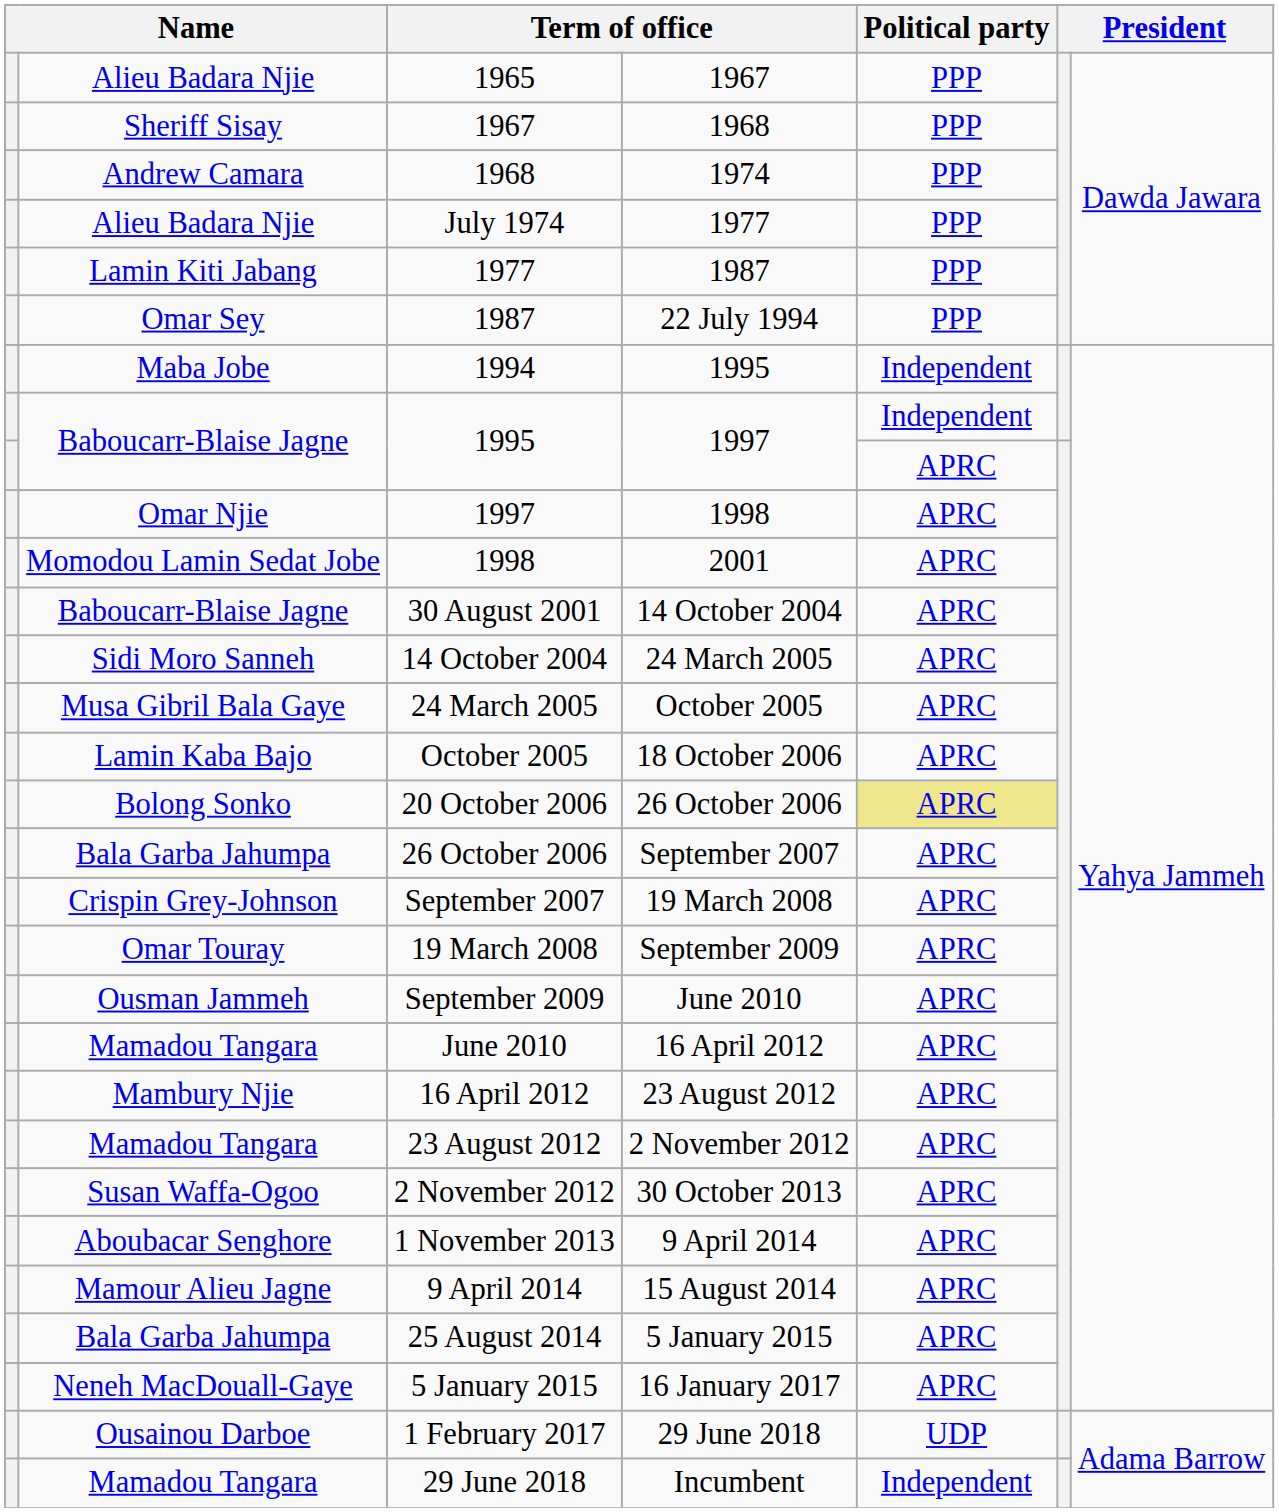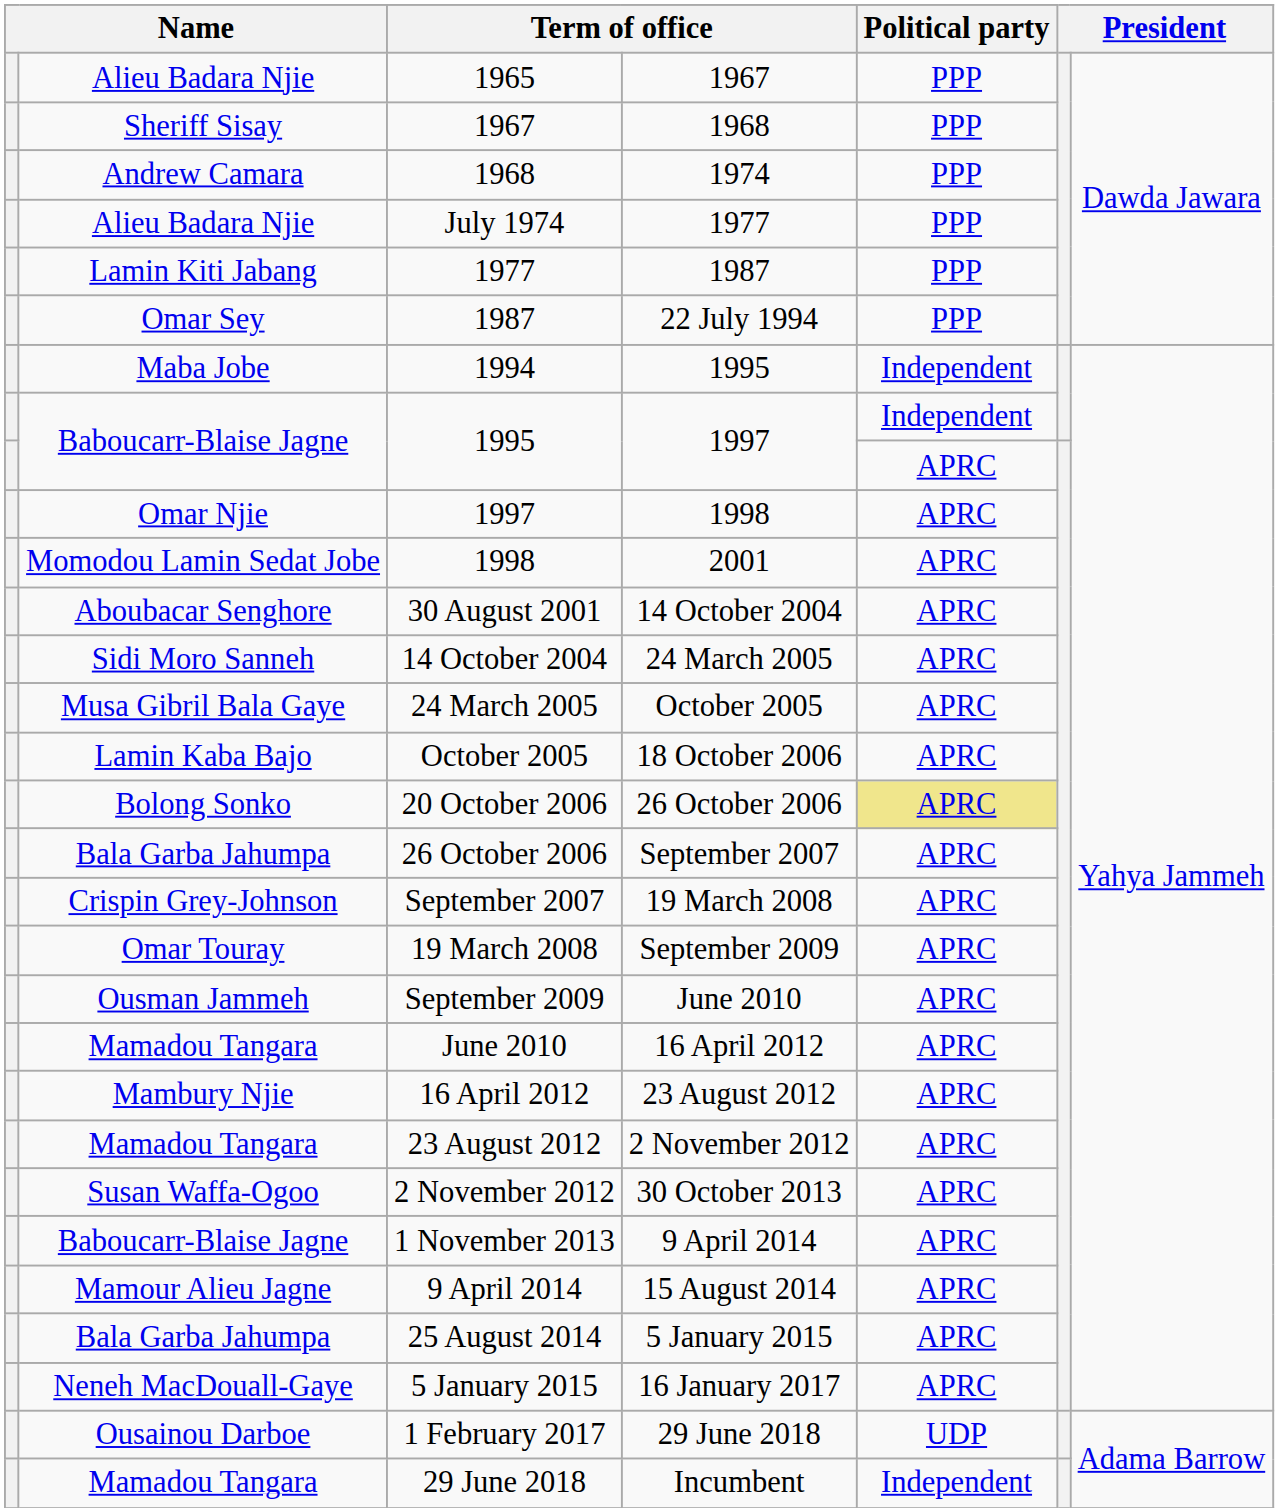 <table class="wikitable" style="text-align:center">
 <tr>
 <th colspan="2">Name<br></th>
 <th colspan="2">Term of office</th>
 <th>Political party</th>
 <th colspan="2"><a href='#'>President</a></th>
 </tr>
 <tr>
 <th style="background-color:"></th>
 <td><a href='#'>Alieu Badara Njie</a><br></td>
 <td>1965</td>
 <td>1967</td>
 <td><a href='#'>PPP</a></td>
 <th rowspan="6" style="background-color:"></th>
 <td rowspan="6"><a href='#'>Dawda Jawara</a></td>
 </tr>
 <tr>
 <th style="background-color:"></th>
 <td><a href='#'>Sheriff Sisay</a><br></td>
 <td>1967</td>
 <td>1968</td>
 <td><a href='#'>PPP</a></td>
 </tr>
 <tr>
 <th style="background-color:"></th>
 <td><a href='#'>Andrew Camara</a><br></td>
 <td>1968</td>
 <td>1974</td>
 <td><a href='#'>PPP</a></td>
 </tr>
 <tr>
 <th style="background-color:"></th>
 <td><a href='#'>Alieu Badara Njie</a><br></td>
 <td>July 1974</td>
 <td>1977</td>
 <td><a href='#'>PPP</a></td>
 </tr>
 <tr>
 <th style="background-color:"></th>
 <td><a href='#'>Lamin Kiti Jabang</a><br></td>
 <td>1977</td>
 <td>1987</td>
 <td><a href='#'>PPP</a></td>
 </tr>
 <tr>
 <th style="background-color:"></th>
 <td><a href='#'>Omar Sey</a><br></td>
 <td>1987</td>
 <td>22 July 1994<br></td>
 <td><a href='#'>PPP</a></td>
 </tr>
 <tr>
 <th style="background-color:"></th>
 <td><a href='#'>Maba Jobe</a><br></td>
 <td>1994</td>
 <td>1995</td>
 <td><a href='#'>Independent</a></td>
 <th rowspan="2" style="background-color:"></th>
 <td rowspan="22"><a href='#'>Yahya Jammeh</a></td>
 </tr>
 <tr>
 <th style="background-color:"></th>
 <td rowspan="2"><a href='#'>Baboucarr-Blaise Jagne</a><br></td>
 <td rowspan="2">1995</td>
 <td rowspan="2">1997</td>
 <td><a href='#'>Independent</a></td>
 </tr>
 <tr>
 <th style="background-color:"></th>
 <td><a href='#'>APRC</a></td>
 <th rowspan="20" style="background-color:"></th>
 </tr>
 <tr>
 <th style="background-color:"></th>
 <td><a href='#'>Omar Njie</a><br></td>
 <td>1997</td>
 <td>1998</td>
 <td><a href='#'>APRC</a></td>
 </tr>
 <tr>
 <th style="background-color:"></th>
 <td><a href='#'>Momodou Lamin Sedat Jobe</a><br></td>
 <td>1998</td>
 <td>2001</td>
 <td><a href='#'>APRC</a></td>
 </tr>
 <tr>
 <th style="background-color:"></th>
-<td><a href='#'>Baboucarr-Blaise Jagne</a><br></td>
+<td><a href='#'>Aboubacar Senghore</a><br></td>
 <td>30 August 2001</td>
 <td>14 October 2004</td>
 <td><a href='#'>APRC</a></td>
 </tr>
 <tr>
 <th style="background-color:"></th>
 <td><a href='#'>Sidi Moro Sanneh</a><br></td>
 <td>14 October 2004</td>
 <td>24 March 2005</td>
 <td><a href='#'>APRC</a></td>
 </tr>
 <tr>
 <th style="background-color:"></th>
 <td><a href='#'>Musa Gibril Bala Gaye</a><br></td>
 <td>24 March 2005</td>
 <td>October 2005</td>
 <td><a href='#'>APRC</a></td>
 </tr>
 <tr>
 <th style="background-color:"></th>
 <td><a href='#'>Lamin Kaba Bajo</a><br></td>
 <td>October 2005</td>
 <td>18 October 2006</td>
 <td><a href='#'>APRC</a></td>
 </tr>
 <tr>
 <th style="background-color:"></th>
 <td><a href='#'>Bolong Sonko</a><br></td>
 <td>20 October 2006</td>
 <td>26 October 2006</td>
 <td style="background: khaki;"><a href='#'>APRC</a></td>
 </tr>
 <tr>
 <th style="background-color:"></th>
 <td><a href='#'>Bala Garba Jahumpa</a><br></td>
 <td>26 October 2006</td>
 <td>September 2007</td>
 <td><a href='#'>APRC</a></td>
 </tr>
 <tr>
 <th style="background-color:"></th>
 <td><a href='#'>Crispin Grey-Johnson</a><br></td>
 <td>September 2007</td>
 <td>19 March 2008</td>
 <td><a href='#'>APRC</a></td>
 </tr>
 <tr>
 <th style="background-color:"></th>
 <td><a href='#'>Omar Touray</a><br></td>
 <td>19 March 2008</td>
 <td>September 2009</td>
 <td><a href='#'>APRC</a></td>
 </tr>
 <tr>
 <th style="background-color:"></th>
 <td><a href='#'>Ousman Jammeh</a><br></td>
 <td>September 2009</td>
 <td>June 2010</td>
 <td><a href='#'>APRC</a></td>
 </tr>
 <tr>
 <th style="background-color:"></th>
 <td><a href='#'>Mamadou Tangara</a><br></td>
 <td>June 2010</td>
 <td>16 April 2012</td>
 <td><a href='#'>APRC</a></td>
 </tr>
 <tr>
 <th style="background-color:"></th>
 <td><a href='#'>Mambury Njie</a><br></td>
 <td>16 April 2012</td>
 <td>23 August 2012</td>
 <td><a href='#'>APRC</a></td>
 </tr>
 <tr>
 <th style="background-color:"></th>
 <td><a href='#'>Mamadou Tangara</a><br></td>
 <td>23 August 2012</td>
 <td>2 November 2012</td>
 <td><a href='#'>APRC</a></td>
 </tr>
 <tr>
 <th style="background-color:"></th>
 <td><a href='#'>Susan Waffa-Ogoo</a><br></td>
 <td>2 November 2012</td>
 <td>30 October 2013</td>
 <td><a href='#'>APRC</a></td>
 </tr>
 <tr>
 <th style="background-color:"></th>
-<td><a href='#'>Aboubacar Senghore</a><br></td>
+<td><a href='#'>Baboucarr-Blaise Jagne</a><br></td>
 <td>1 November 2013</td>
 <td>9 April 2014</td>
 <td><a href='#'>APRC</a></td>
 </tr>
 <tr>
 <th style="background-color:"></th>
 <td><a href='#'>Mamour Alieu Jagne</a><br></td>
 <td>9 April 2014</td>
 <td>15 August 2014</td>
 <td><a href='#'>APRC</a></td>
 </tr>
 <tr>
 <th style="background-color:"></th>
 <td><a href='#'>Bala Garba Jahumpa</a><br></td>
 <td>25 August 2014</td>
 <td>5 January 2015</td>
 <td><a href='#'>APRC</a></td>
 </tr>
 <tr>
 <th style="background-color:"></th>
 <td><a href='#'>Neneh MacDouall-Gaye</a><br></td>
 <td>5 January 2015</td>
 <td>16 January 2017</td>
 <td><a href='#'>APRC</a></td>
 </tr>
 <tr>
 <th style="background-color:"></th>
 <td><a href='#'>Ousainou Darboe</a><br></td>
 <td>1 February 2017</td>
 <td>29 June 2018</td>
 <td><a href='#'>UDP</a></td>
 <th style="background-color:"></th>
 <td rowspan="2"><a href='#'>Adama Barrow</a></td>
 </tr>
 <tr>
 <th style="background-color:"></th>
 <td><a href='#'>Mamadou Tangara</a><br></td>
 <td>29 June 2018</td>
 <td>Incumbent</td>
 <td><a href='#'>Independent</a></td>
 <th style="background-color:"></th>
 </tr>
 </table>
